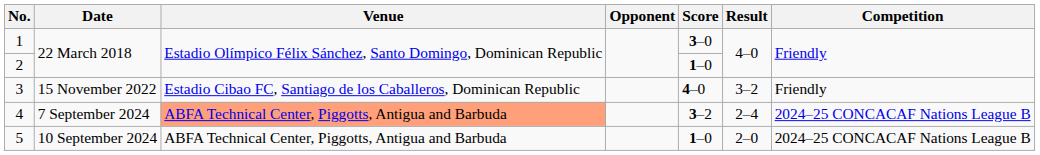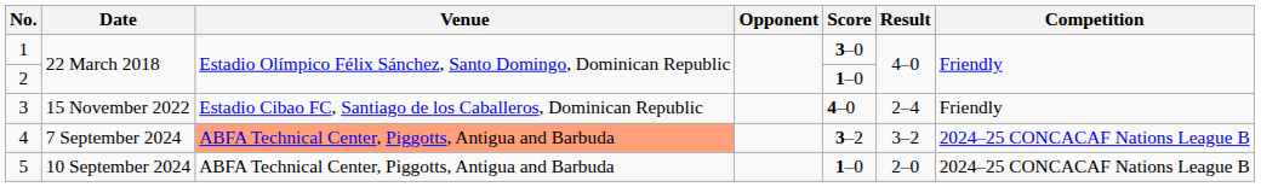 <table class="wikitable">
 <tr>
 <th>No.</th>
 <th>Date</th>
 <th>Venue</th>
 <th>Opponent</th>
 <th>Score</th>
 <th>Result</th>
 <th>Competition</th>
 </tr>
 <tr>
 <td style="text-align:center;">1</td>
 <td rowspan=2>22 March 2018</td>
 <td rowspan=2><a href='#'>Estadio Olímpico Félix Sánchez</a>, <a href='#'>Santo Domingo</a>, Dominican Republic</td>
 <td rowspan=2></td>
 <td style="text-align:center;"><strong>3</strong>–0</td>
 <td rowspan=2 style="text-align:center;">4–0</td>
 <td rowspan=2><a href='#'>Friendly</a></td>
 </tr>
 <tr style="text-align:center;">
 <td>2</td>
 <td style="text-align:center;"><strong>1</strong>–0</td>
 </tr>
 <tr>
 <td style="text-align:center;">3</td>
 <td>15 November 2022</td>
 <td><a href='#'>Estadio Cibao FC</a>, <a href='#'>Santiago de los Caballeros</a>, Dominican Republic</td>
 <td></td>
 <td><strong>4</strong>–0</td>
-<td style="text-align:center;">3–2</td>
+<td style="text-align:center;">2–4</td>
 <td>Friendly</td>
 </tr>
 <tr>
 <td style="text-align:center;">4</td>
 <td>7 September 2024</td>
 <td style="background: lightsalmon;"><a href='#'>ABFA Technical Center</a>, <a href='#'>Piggotts</a>, Antigua and Barbuda</td>
 <td></td>
 <td style="text-align:center;"><strong>3</strong>–2</td>
-<td style="text-align:center;">2–4</td>
+<td style="text-align:center;">3–2</td>
 <td><a href='#'>2024–25 CONCACAF Nations League B</a></td>
 </tr>
 <tr>
 <td style="text-align:center;">5</td>
 <td>10 September 2024</td>
 <td>ABFA Technical Center, Piggotts, Antigua and Barbuda</td>
 <td></td>
 <td style="text-align:center;"><strong>1</strong>–0</td>
 <td style="text-align:center;">2–0</td>
 <td>2024–25 CONCACAF Nations League B</td>
 </tr>
 </table>
